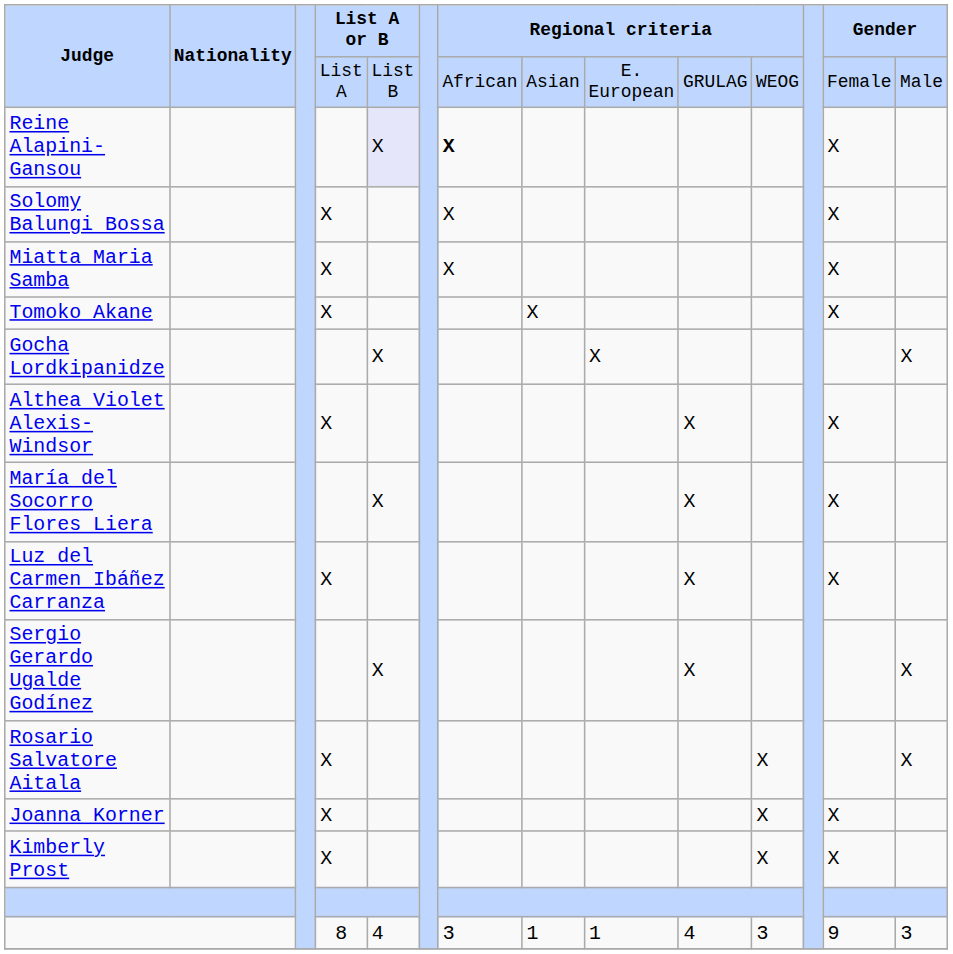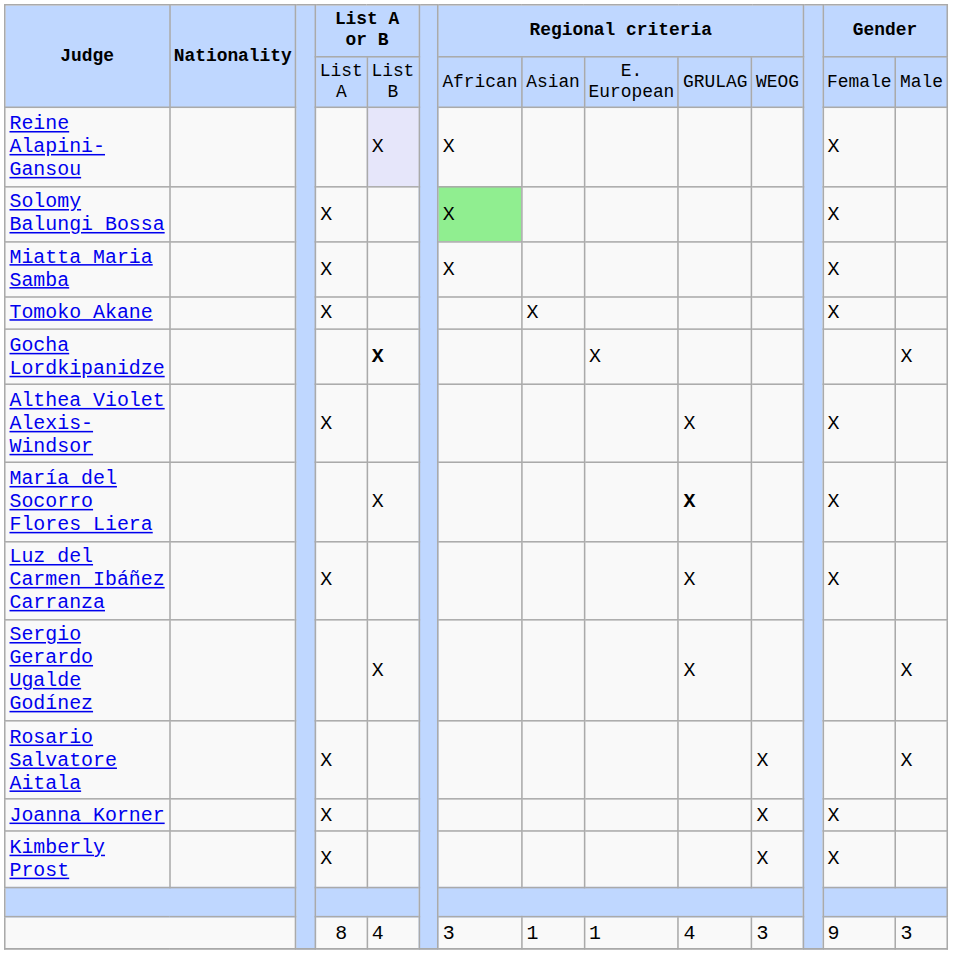 <table class="wikitable col3center col4center col5center col6center col7center col8center col9center col10center col11center">
 <tr bgcolor=#BFD7FF align="center" style="font-size:90%;">
 <td rowspan=2><strong>Judge</strong></td>
 <td rowspan=2><strong>Nationality</strong></td>
 <td rowspan=16> </td>
 <td colspan=2><strong>List A or B</strong></td>
 <td rowspan=16> </td>
 <td colspan=5><strong>Regional criteria</strong></td>
 <td rowspan=16> </td>
 <td colspan=2><strong>Gender</strong></td>
 </tr>
 <tr bgcolor=#BFD7FF align="center" style="font-size:90%;">
 <td>List A</td>
 <td>List B</td>
 <td>African</td>
 <td>Asian</td>
 <td>E. European</td>
 <td>GRULAG</td>
 <td>WEOG</td>
 <td>Female</td>
 <td>Male</td>
 </tr>
 <tr>
 <td><a href='#'>Reine Alapini-Gansou</a></td>
 <td></td>
 <td></td>
 <td style="background: lavender;">X</td>
-<td><strong>X</strong></td>
+<td>X</td>
 <td></td>
 <td></td>
 <td></td>
 <td></td>
 <td>X</td>
 <td></td>
 </tr>
 <tr>
 <td><a href='#'>Solomy Balungi Bossa</a></td>
 <td></td>
 <td>X</td>
 <td></td>
-<td>X</td>
+<td style="background: lightgreen;">X</td>
 <td></td>
 <td></td>
 <td></td>
 <td></td>
 <td>X</td>
 <td></td>
 </tr>
 <tr>
 <td><a href='#'>Miatta Maria Samba</a></td>
 <td></td>
 <td>X</td>
 <td></td>
 <td>X</td>
 <td></td>
 <td></td>
 <td></td>
 <td></td>
 <td>X</td>
 <td></td>
 </tr>
 <tr>
 <td><a href='#'>Tomoko Akane</a></td>
 <td></td>
 <td>X</td>
 <td></td>
 <td></td>
 <td>X</td>
 <td></td>
 <td></td>
 <td></td>
 <td>X</td>
 <td></td>
 </tr>
 <tr>
 <td><a href='#'>Gocha Lordkipanidze</a></td>
 <td></td>
 <td></td>
-<td>X</td>
+<td><strong>X</strong></td>
 <td></td>
 <td></td>
 <td>X</td>
 <td></td>
 <td></td>
 <td></td>
 <td>X</td>
 </tr>
 <tr>
 <td><a href='#'>Althea Violet Alexis-Windsor</a></td>
 <td></td>
 <td>X</td>
 <td></td>
 <td></td>
 <td></td>
 <td></td>
 <td>X</td>
 <td></td>
 <td>X</td>
 <td></td>
 </tr>
 <tr>
 <td><a href='#'>María del Socorro Flores Liera</a></td>
 <td></td>
 <td></td>
 <td>X</td>
 <td></td>
 <td></td>
 <td></td>
-<td>X</td>
+<td><strong>X</strong></td>
 <td></td>
 <td>X</td>
 <td></td>
 </tr>
 <tr>
 <td><a href='#'>Luz del Carmen Ibáñez Carranza</a></td>
 <td></td>
 <td>X</td>
 <td></td>
 <td></td>
 <td></td>
 <td></td>
 <td>X</td>
 <td></td>
 <td>X</td>
 <td></td>
 </tr>
 <tr>
 <td><a href='#'>Sergio Gerardo Ugalde Godínez</a></td>
 <td></td>
 <td></td>
 <td>X</td>
 <td></td>
 <td></td>
 <td></td>
 <td>X</td>
 <td></td>
 <td></td>
 <td>X</td>
 </tr>
 <tr>
 <td><a href='#'>Rosario Salvatore Aitala</a></td>
 <td></td>
 <td>X</td>
 <td></td>
 <td></td>
 <td></td>
 <td></td>
 <td></td>
 <td>X</td>
 <td></td>
 <td>X</td>
 </tr>
 <tr>
 <td><a href='#'>Joanna Korner</a></td>
 <td></td>
 <td>X</td>
 <td></td>
 <td></td>
 <td></td>
 <td></td>
 <td></td>
 <td>X</td>
 <td>X</td>
 <td></td>
 </tr>
 <tr>
 <td><a href='#'>Kimberly Prost</a></td>
 <td></td>
 <td>X</td>
 <td></td>
 <td></td>
 <td></td>
 <td></td>
 <td></td>
 <td>X</td>
 <td>X</td>
 <td></td>
 </tr>
 <tr bgcolor=#BFD7FF align="center" style="font-size:90%;">
 <td colspan=2> </td>
 <td colspan=2> </td>
 <td colspan=5> </td>
 <td colspan=2> </td>
 </tr>
 <tr>
 <td colspan=2></td>
 <td align="center">8</td>
 <td>4</td>
 <td>3</td>
 <td>1</td>
 <td>1</td>
 <td>4</td>
 <td>3</td>
 <td>9</td>
 <td>3</td>
 </tr>
 <tr>
 </tr>
 </table>
